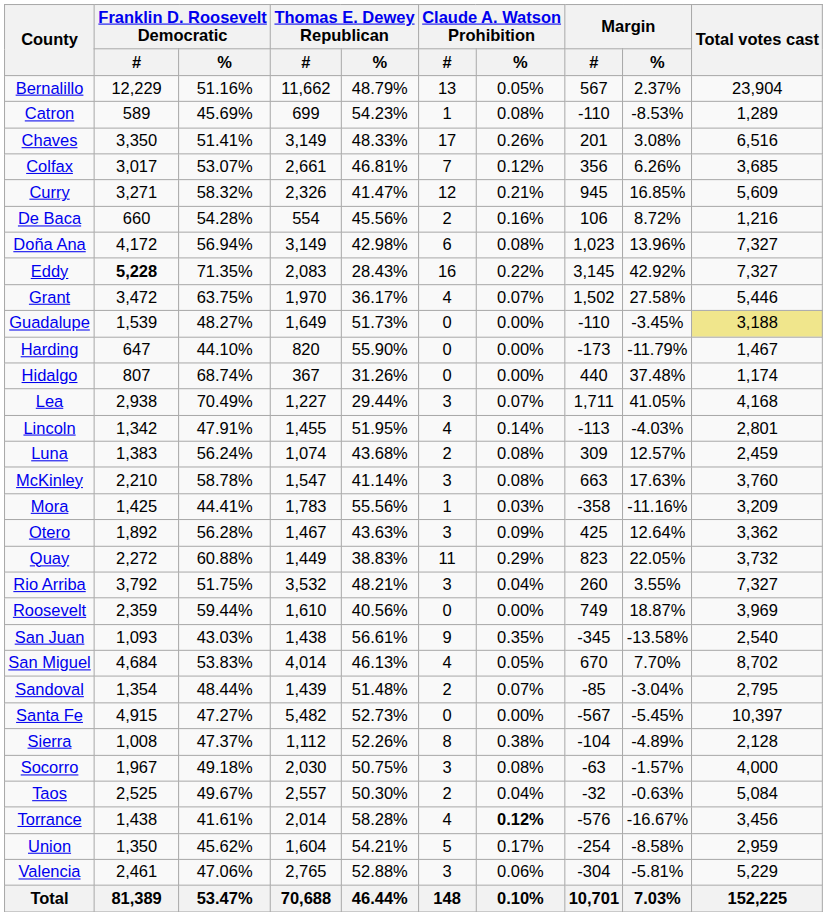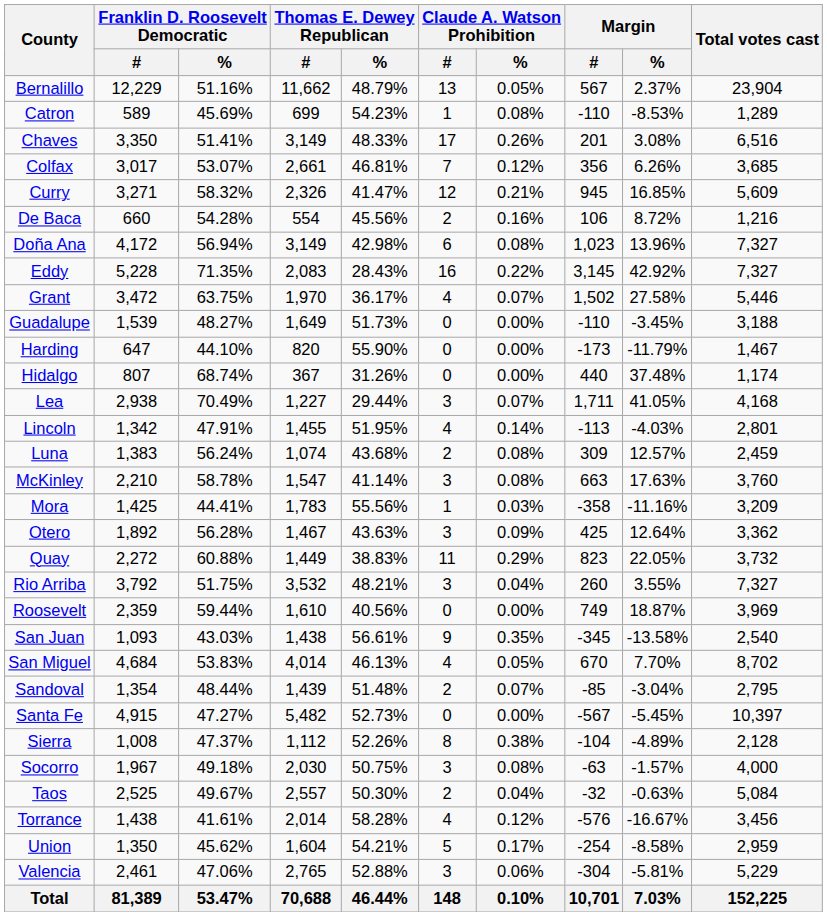 <table class="wikitable sortable" style="text-align:center">
 <tr>
 <th style="text-align:center;" rowspan="2">County</th>
 <th style="text-align:center;" colspan="2"><a href='#'>Franklin D. Roosevelt</a><br>Democratic</th>
 <th style="text-align:center;" colspan="2"><a href='#'>Thomas E. Dewey</a><br>Republican</th>
 <th style="text-align:center;" colspan="2"><a href='#'>Claude A. Watson</a><br>Prohibition</th>
 <th style="text-align:center;" colspan="2">Margin</th>
 <th style="text-align:center;" rowspan="2">Total votes cast</th>
 </tr>
 <tr>
 <th style="text-align:center;" data-sort-type="number">#</th>
 <th style="text-align:center;" data-sort-type="number">%</th>
 <th style="text-align:center;" data-sort-type="number">#</th>
 <th style="text-align:center;" data-sort-type="number">%</th>
 <th style="text-align:center;" data-sort-type="number">#</th>
 <th style="text-align:center;" data-sort-type="number">%</th>
 <th style="text-align:center;" data-sort-type="number">#</th>
 <th style="text-align:center;" data-sort-type="number">%</th>
 </tr>
 <tr style="text-align:center;">
 <td><a href='#'>Bernalillo</a></td>
 <td>12,229</td>
 <td>51.16%</td>
 <td>11,662</td>
 <td>48.79%</td>
 <td>13</td>
 <td>0.05%</td>
 <td>567</td>
 <td>2.37%</td>
 <td>23,904</td>
 </tr>
 <tr style="text-align:center;">
 <td><a href='#'>Catron</a></td>
 <td>589</td>
 <td>45.69%</td>
 <td>699</td>
 <td>54.23%</td>
 <td>1</td>
 <td>0.08%</td>
 <td>-110</td>
 <td>-8.53%</td>
 <td>1,289</td>
 </tr>
 <tr style="text-align:center;">
 <td><a href='#'>Chaves</a></td>
 <td>3,350</td>
 <td>51.41%</td>
 <td>3,149</td>
 <td>48.33%</td>
 <td>17</td>
 <td>0.26%</td>
 <td>201</td>
 <td>3.08%</td>
 <td>6,516</td>
 </tr>
 <tr style="text-align:center;">
 <td><a href='#'>Colfax</a></td>
 <td>3,017</td>
 <td>53.07%</td>
 <td>2,661</td>
 <td>46.81%</td>
 <td>7</td>
 <td>0.12%</td>
 <td>356</td>
 <td>6.26%</td>
 <td>3,685</td>
 </tr>
 <tr style="text-align:center;">
 <td><a href='#'>Curry</a></td>
 <td>3,271</td>
 <td>58.32%</td>
 <td>2,326</td>
 <td>41.47%</td>
 <td>12</td>
 <td>0.21%</td>
 <td>945</td>
 <td>16.85%</td>
 <td>5,609</td>
 </tr>
 <tr style="text-align:center;">
 <td><a href='#'>De Baca</a></td>
 <td>660</td>
 <td>54.28%</td>
 <td>554</td>
 <td>45.56%</td>
 <td>2</td>
 <td>0.16%</td>
 <td>106</td>
 <td>8.72%</td>
 <td>1,216</td>
 </tr>
 <tr style="text-align:center;">
 <td><a href='#'>Doña Ana</a></td>
 <td>4,172</td>
 <td>56.94%</td>
 <td>3,149</td>
 <td>42.98%</td>
 <td>6</td>
 <td>0.08%</td>
 <td>1,023</td>
 <td>13.96%</td>
 <td>7,327</td>
 </tr>
 <tr style="text-align:center;">
 <td><a href='#'>Eddy</a></td>
-<td><strong>5,228</strong></td>
+<td>5,228</td>
 <td>71.35%</td>
 <td>2,083</td>
 <td>28.43%</td>
 <td>16</td>
 <td>0.22%</td>
 <td>3,145</td>
 <td>42.92%</td>
 <td>7,327</td>
 </tr>
 <tr style="text-align:center;">
 <td><a href='#'>Grant</a></td>
 <td>3,472</td>
 <td>63.75%</td>
 <td>1,970</td>
 <td>36.17%</td>
 <td>4</td>
 <td>0.07%</td>
 <td>1,502</td>
 <td>27.58%</td>
 <td>5,446</td>
 </tr>
 <tr style="text-align:center;">
 <td><a href='#'>Guadalupe</a></td>
 <td>1,539</td>
 <td>48.27%</td>
 <td>1,649</td>
 <td>51.73%</td>
 <td>0</td>
 <td>0.00%</td>
 <td>-110</td>
 <td>-3.45%</td>
-<td style="background: khaki;">3,188</td>
+<td>3,188</td>
 </tr>
 <tr style="text-align:center;">
 <td><a href='#'>Harding</a></td>
 <td>647</td>
 <td>44.10%</td>
 <td>820</td>
 <td>55.90%</td>
 <td>0</td>
 <td>0.00%</td>
 <td>-173</td>
 <td>-11.79%</td>
 <td>1,467</td>
 </tr>
 <tr style="text-align:center;">
 <td><a href='#'>Hidalgo</a></td>
 <td>807</td>
 <td>68.74%</td>
 <td>367</td>
 <td>31.26%</td>
 <td>0</td>
 <td>0.00%</td>
 <td>440</td>
 <td>37.48%</td>
 <td>1,174</td>
 </tr>
 <tr style="text-align:center;">
 <td><a href='#'>Lea</a></td>
 <td>2,938</td>
 <td>70.49%</td>
 <td>1,227</td>
 <td>29.44%</td>
 <td>3</td>
 <td>0.07%</td>
 <td>1,711</td>
 <td>41.05%</td>
 <td>4,168</td>
 </tr>
 <tr style="text-align:center;">
 <td><a href='#'>Lincoln</a></td>
 <td>1,342</td>
 <td>47.91%</td>
 <td>1,455</td>
 <td>51.95%</td>
 <td>4</td>
 <td>0.14%</td>
 <td>-113</td>
 <td>-4.03%</td>
 <td>2,801</td>
 </tr>
 <tr style="text-align:center;">
 <td><a href='#'>Luna</a></td>
 <td>1,383</td>
 <td>56.24%</td>
 <td>1,074</td>
 <td>43.68%</td>
 <td>2</td>
 <td>0.08%</td>
 <td>309</td>
 <td>12.57%</td>
 <td>2,459</td>
 </tr>
 <tr style="text-align:center;">
 <td><a href='#'>McKinley</a></td>
 <td>2,210</td>
 <td>58.78%</td>
 <td>1,547</td>
 <td>41.14%</td>
 <td>3</td>
 <td>0.08%</td>
 <td>663</td>
 <td>17.63%</td>
 <td>3,760</td>
 </tr>
 <tr style="text-align:center;">
 <td><a href='#'>Mora</a></td>
 <td>1,425</td>
 <td>44.41%</td>
 <td>1,783</td>
 <td>55.56%</td>
 <td>1</td>
 <td>0.03%</td>
 <td>-358</td>
 <td>-11.16%</td>
 <td>3,209</td>
 </tr>
 <tr style="text-align:center;">
 <td><a href='#'>Otero</a></td>
 <td>1,892</td>
 <td>56.28%</td>
 <td>1,467</td>
 <td>43.63%</td>
 <td>3</td>
 <td>0.09%</td>
 <td>425</td>
 <td>12.64%</td>
 <td>3,362</td>
 </tr>
 <tr style="text-align:center;">
 <td><a href='#'>Quay</a></td>
 <td>2,272</td>
 <td>60.88%</td>
 <td>1,449</td>
 <td>38.83%</td>
 <td>11</td>
 <td>0.29%</td>
 <td>823</td>
 <td>22.05%</td>
 <td>3,732</td>
 </tr>
 <tr style="text-align:center;">
 <td><a href='#'>Rio Arriba</a></td>
 <td>3,792</td>
 <td>51.75%</td>
 <td>3,532</td>
 <td>48.21%</td>
 <td>3</td>
 <td>0.04%</td>
 <td>260</td>
 <td>3.55%</td>
 <td>7,327</td>
 </tr>
 <tr style="text-align:center;">
 <td><a href='#'>Roosevelt</a></td>
 <td>2,359</td>
 <td>59.44%</td>
 <td>1,610</td>
 <td>40.56%</td>
 <td>0</td>
 <td>0.00%</td>
 <td>749</td>
 <td>18.87%</td>
 <td>3,969</td>
 </tr>
 <tr style="text-align:center;">
 <td><a href='#'>San Juan</a></td>
 <td>1,093</td>
 <td>43.03%</td>
 <td>1,438</td>
 <td>56.61%</td>
 <td>9</td>
 <td>0.35%</td>
 <td>-345</td>
 <td>-13.58%</td>
 <td>2,540</td>
 </tr>
 <tr style="text-align:center;">
 <td><a href='#'>San Miguel</a></td>
 <td>4,684</td>
 <td>53.83%</td>
 <td>4,014</td>
 <td>46.13%</td>
 <td>4</td>
 <td>0.05%</td>
 <td>670</td>
 <td>7.70%</td>
 <td>8,702</td>
 </tr>
 <tr style="text-align:center;">
 <td><a href='#'>Sandoval</a></td>
 <td>1,354</td>
 <td>48.44%</td>
 <td>1,439</td>
 <td>51.48%</td>
 <td>2</td>
 <td>0.07%</td>
 <td>-85</td>
 <td>-3.04%</td>
 <td>2,795</td>
 </tr>
 <tr style="text-align:center;">
 <td><a href='#'>Santa Fe</a></td>
 <td>4,915</td>
 <td>47.27%</td>
 <td>5,482</td>
 <td>52.73%</td>
 <td>0</td>
 <td>0.00%</td>
 <td>-567</td>
 <td>-5.45%</td>
 <td>10,397</td>
 </tr>
 <tr style="text-align:center;">
 <td><a href='#'>Sierra</a></td>
 <td>1,008</td>
 <td>47.37%</td>
 <td>1,112</td>
 <td>52.26%</td>
 <td>8</td>
 <td>0.38%</td>
 <td>-104</td>
 <td>-4.89%</td>
 <td>2,128</td>
 </tr>
 <tr style="text-align:center;">
 <td><a href='#'>Socorro</a></td>
 <td>1,967</td>
 <td>49.18%</td>
 <td>2,030</td>
 <td>50.75%</td>
 <td>3</td>
 <td>0.08%</td>
 <td>-63</td>
 <td>-1.57%</td>
 <td>4,000</td>
 </tr>
 <tr style="text-align:center;">
 <td><a href='#'>Taos</a></td>
 <td>2,525</td>
 <td>49.67%</td>
 <td>2,557</td>
 <td>50.30%</td>
 <td>2</td>
 <td>0.04%</td>
 <td>-32</td>
 <td>-0.63%</td>
 <td>5,084</td>
 </tr>
 <tr style="text-align:center;">
 <td><a href='#'>Torrance</a></td>
 <td>1,438</td>
 <td>41.61%</td>
 <td>2,014</td>
 <td>58.28%</td>
 <td>4</td>
-<td><strong>0.12%</strong></td>
+<td>0.12%</td>
 <td>-576</td>
 <td>-16.67%</td>
 <td>3,456</td>
 </tr>
 <tr style="text-align:center;">
 <td><a href='#'>Union</a></td>
 <td>1,350</td>
 <td>45.62%</td>
 <td>1,604</td>
 <td>54.21%</td>
 <td>5</td>
 <td>0.17%</td>
 <td>-254</td>
 <td>-8.58%</td>
 <td>2,959</td>
 </tr>
 <tr style="text-align:center;">
 <td><a href='#'>Valencia</a></td>
 <td>2,461</td>
 <td>47.06%</td>
 <td>2,765</td>
 <td>52.88%</td>
 <td>3</td>
 <td>0.06%</td>
 <td>-304</td>
 <td>-5.81%</td>
 <td>5,229</td>
 </tr>
 <tr style="text-align:center;">
 <th>Total</th>
 <th>81,389</th>
 <th>53.47%</th>
 <th>70,688</th>
 <th>46.44%</th>
 <th>148</th>
 <th>0.10%</th>
 <th>10,701</th>
 <th>7.03%</th>
 <th>152,225</th>
 </tr>
 </table>
